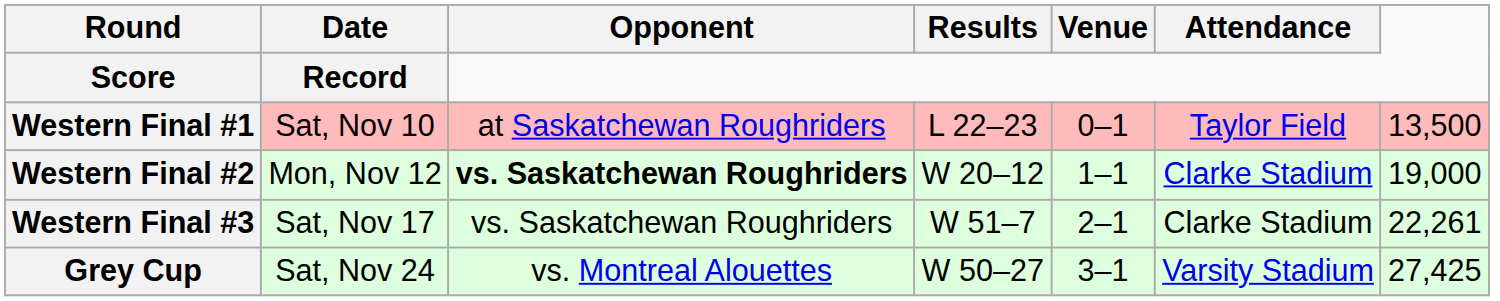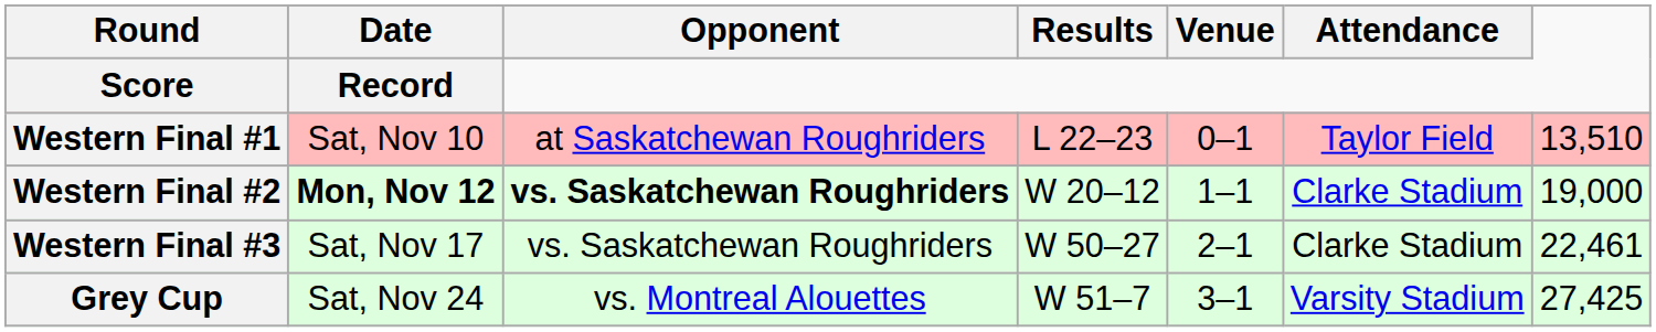 <table class="wikitable" style="text-align:center">
 <tr>
 <th>Round</th>
 <th>Date</th>
 <th>Opponent</th>
 <th>Results</th>
 <th>Venue</th>
 <th>Attendance</th>
 </tr>
 <tr>
 <th>Score</th>
 <th>Record</th>
 </tr>
 <tr style="background:#ffbbbb">
 <th>Western Final #1</th>
 <td>Sat, Nov 10</td>
 <td>at <a href='#'>Saskatchewan Roughriders</a></td>
 <td>L 22–23</td>
 <td>0–1</td>
 <td><a href='#'>Taylor Field</a></td>
-<td>13,500</td>
+<td>13,510</td>
 </tr>
 <tr style="background:#ddffdd">
 <th>Western Final #2</th>
-<td>Mon, Nov 12</td>
+<td><strong>Mon, Nov 12</strong></td>
 <td><strong>vs. Saskatchewan Roughriders</strong></td>
 <td>W 20–12</td>
 <td>1–1</td>
 <td><a href='#'>Clarke Stadium</a></td>
 <td>19,000</td>
 </tr>
 <tr style="background:#ddffdd">
 <th>Western Final #3</th>
 <td>Sat, Nov 17</td>
 <td>vs. Saskatchewan Roughriders</td>
-<td>W 51–7</td>
+<td>W 50–27</td>
 <td>2–1</td>
 <td>Clarke Stadium</td>
-<td>22,261</td>
+<td>22,461</td>
 </tr>
 <tr style="background:#ddffdd">
 <th>Grey Cup</th>
 <td>Sat, Nov 24</td>
 <td>vs. <a href='#'>Montreal Alouettes</a></td>
-<td>W 50–27</td>
+<td>W 51–7</td>
 <td>3–1</td>
 <td><a href='#'>Varsity Stadium</a></td>
 <td>27,425</td>
 </tr>
 </table>
